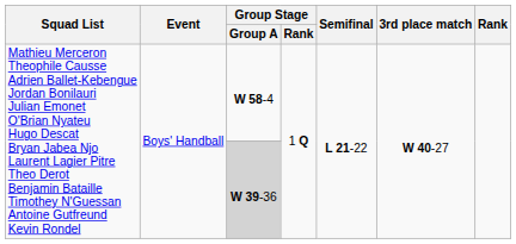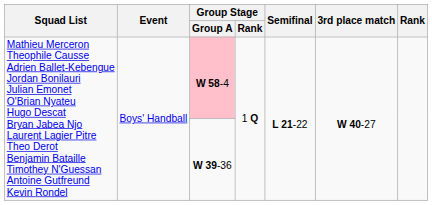 <table class=wikitable style="font-size:90%">
 <tr>
 <th rowspan=2>Squad List</th>
 <th rowspan=2>Event</th>
 <th colspan=2>Group Stage</th>
 <th rowspan=2>Semifinal</th>
 <th rowspan=2>3rd place match</th>
 <th rowspan=2>Rank</th>
 </tr>
 <tr>
 <th>Group A</th>
 <th>Rank</th>
 </tr>
 <tr>
 <td rowspan=2><a href='#'>Mathieu Merceron</a><br><a href='#'>Theophile Causse</a><br><a href='#'>Adrien Ballet-Kebengue</a><br><a href='#'>Jordan Bonilauri</a><br><a href='#'>Julian Emonet</a><br><a href='#'>O'Brian Nyateu</a><br><a href='#'>Hugo Descat</a><br><a href='#'>Bryan Jabea Njo</a><br><a href='#'>Laurent Lagier Pitre</a><br><a href='#'>Theo Derot</a><br><a href='#'>Benjamin Bataille</a><br><a href='#'>Timothey N'Guessan</a><br><a href='#'>Antoine Gutfreund</a><br><a href='#'>Kevin Rondel</a></td>
 <td rowspan=2><a href='#'>Boys' Handball</a></td>
-<td align=center><br> <strong>W</strong> <strong>58</strong>-4</td>
+<td align=center style="background: pink;"><br> <strong>W</strong> <strong>58</strong>-4</td>
 <td rowspan=2 align=center>1 <strong>Q</strong></td>
 <td rowspan=2 align=center><br> <strong>L</strong> <strong>21</strong>-22</td>
 <td rowspan=2 align=center><br> <strong>W</strong> <strong>40</strong>-27</td>
 <td rowspan=2 align=center></td>
 </tr>
 <tr>
-<td align=center style="background: lightgrey;"><br> <strong>W</strong> <strong>39</strong>-36</td>
+<td align=center><br> <strong>W</strong> <strong>39</strong>-36</td>
 </tr>
 </table>
